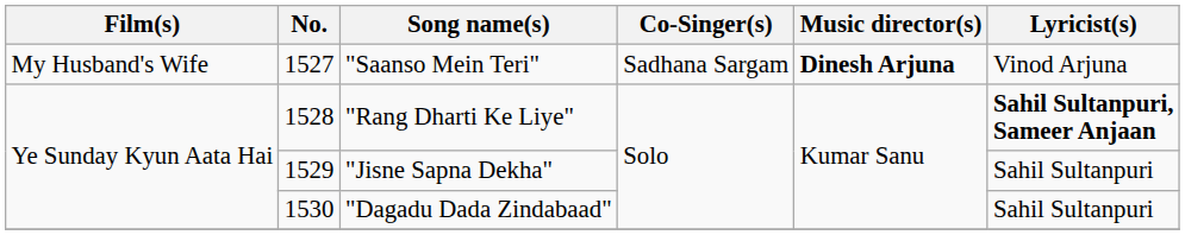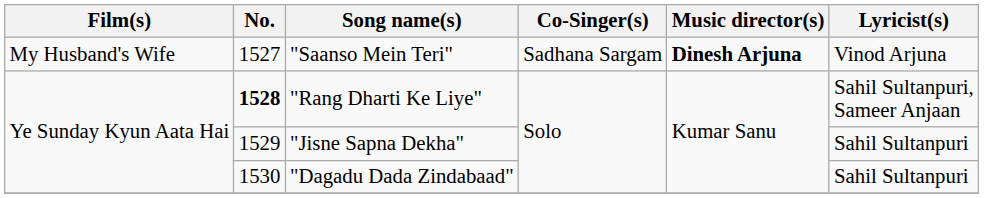 <table class="wikitable sortable">
 <tr>
 <th>Film(s)</th>
 <th>No.</th>
 <th>Song name(s)</th>
 <th>Co-Singer(s)</th>
 <th>Music director(s)</th>
 <th>Lyricist(s)</th>
 </tr>
 <tr>
 <td>My Husband's Wife</td>
 <td>1527</td>
 <td>"Saanso Mein Teri"</td>
 <td>Sadhana Sargam</td>
 <td><strong>Dinesh Arjuna</strong></td>
 <td>Vinod Arjuna</td>
 </tr>
 <tr>
 <td rowspan="3">Ye Sunday Kyun Aata Hai</td>
-<td>1528</td>
+<td><strong>1528</strong></td>
 <td>"Rang Dharti Ke Liye"</td>
 <td rowspan="3">Solo</td>
 <td rowspan="3">Kumar Sanu</td>
-<td><strong>Sahil Sultanpuri,<br>Sameer Anjaan</strong></td>
+<td>Sahil Sultanpuri,<br>Sameer Anjaan</td>
 </tr>
 <tr>
 <td>1529</td>
 <td>"Jisne Sapna Dekha"</td>
 <td>Sahil Sultanpuri</td>
 </tr>
 <tr>
 <td>1530</td>
 <td>"Dagadu Dada Zindabaad"</td>
 <td>Sahil Sultanpuri</td>
 </tr>
 <tr>
 </tr>
 </table>
